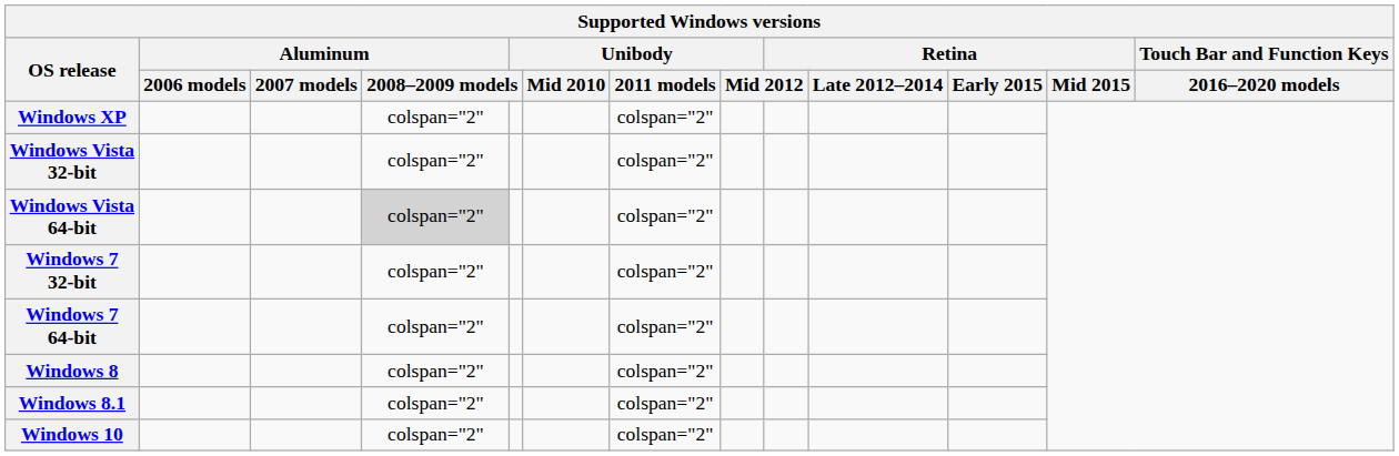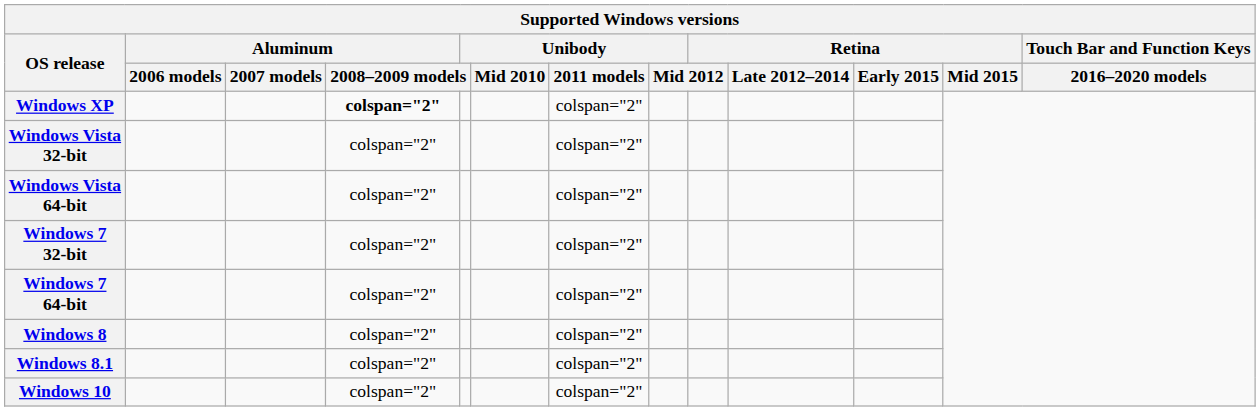 <table class="wikitable" style="font-size:90%; text-align:center">
 <tr>
 <th colspan=14>Supported Windows versions</th>
 </tr>
 <tr>
 <th rowspan="2">OS release</th>
 <th colspan=3>Aluminum</th>
 <th colspan=4>Unibody</th>
 <th colspan=4>Retina</th>
 <th>Touch Bar and Function Keys</th>
 </tr>
 <tr>
 <th>2006 models</th>
 <th>2007 models</th>
 <th colspan=2>2008–2009 models</th>
 <th>Mid 2010</th>
 <th>2011 models</th>
 <th colspan=2>Mid 2012</th>
 <th>Late 2012–2014</th>
 <th>Early 2015</th>
 <th>Mid 2015</th>
 <th>2016–2020 models</th>
 </tr>
 <tr>
 <th><a href='#'>Windows XP</a><br></th>
 <td></td>
 <td></td>
-<td>colspan="2"</td>
+<td><strong>colspan="2"</strong></td>
 <td></td>
 <td></td>
 <td>colspan="2"</td>
 <td></td>
 <td></td>
 <td></td>
 <td></td>
 </tr>
 <tr>
 <th><a href='#'>Windows Vista</a><br>32-bit</th>
 <td></td>
 <td></td>
 <td>colspan="2"</td>
 <td></td>
 <td></td>
 <td>colspan="2"</td>
 <td></td>
 <td></td>
 <td></td>
 <td></td>
 </tr>
 <tr>
 <th><a href='#'>Windows Vista</a><br>64-bit</th>
 <td></td>
 <td></td>
-<td style="background: lightgrey;">colspan="2"</td>
+<td>colspan="2"</td>
 <td></td>
 <td></td>
 <td>colspan="2"</td>
 <td></td>
 <td></td>
 <td></td>
 <td></td>
 </tr>
 <tr>
 <th><a href='#'>Windows 7</a><br>32-bit</th>
 <td></td>
 <td></td>
 <td>colspan="2"</td>
 <td></td>
 <td></td>
 <td>colspan="2"</td>
 <td></td>
 <td></td>
 <td></td>
 <td></td>
 </tr>
 <tr>
 <th><a href='#'>Windows 7</a><br>64-bit</th>
 <td></td>
 <td></td>
 <td>colspan="2"</td>
 <td></td>
 <td></td>
 <td>colspan="2"</td>
 <td></td>
 <td></td>
 <td></td>
 <td></td>
 </tr>
 <tr>
 <th><a href='#'>Windows 8</a><br></th>
 <td></td>
 <td></td>
 <td>colspan="2"</td>
 <td></td>
 <td></td>
 <td>colspan="2"</td>
 <td></td>
 <td></td>
 <td></td>
 <td></td>
 </tr>
 <tr>
 <th><a href='#'>Windows 8.1</a><br></th>
 <td></td>
 <td></td>
 <td>colspan="2"</td>
 <td></td>
 <td></td>
 <td>colspan="2"</td>
 <td></td>
 <td></td>
 <td></td>
 <td></td>
 </tr>
 <tr>
 <th><a href='#'>Windows 10</a><br></th>
 <td></td>
 <td></td>
 <td>colspan="2"</td>
 <td></td>
 <td></td>
 <td>colspan="2"</td>
 <td></td>
 <td></td>
 <td></td>
 <td></td>
 </tr>
 </table>
